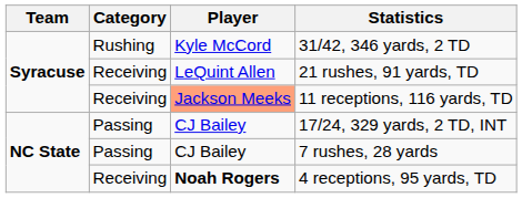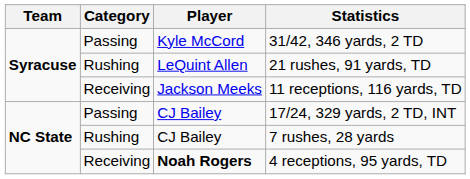 <table class="wikitable" style="float: right;">
 <tr>
 <th>Team</th>
 <th>Category</th>
 <th>Player</th>
 <th>Statistics</th>
 </tr>
 <tr>
 <td rowspan=3><strong>Syracuse</strong></td>
-<td>Rushing</td>
+<td>Passing</td>
 <td><a href='#'>Kyle McCord</a></td>
 <td>31/42, 346 yards, 2 TD</td>
 </tr>
 <tr>
-<td>Receiving</td>
+<td>Rushing</td>
 <td><a href='#'>LeQuint Allen</a></td>
 <td>21 rushes, 91 yards, TD</td>
 </tr>
 <tr>
 <td>Receiving</td>
-<td style="background: lightsalmon;"><a href='#'>Jackson Meeks</a></td>
+<td><a href='#'>Jackson Meeks</a></td>
 <td>11 receptions, 116 yards, TD</td>
 </tr>
 <tr>
 <td rowspan=3><strong>NC State</strong></td>
 <td>Passing</td>
 <td><a href='#'>CJ Bailey</a></td>
 <td>17/24, 329 yards, 2 TD, INT</td>
 </tr>
 <tr>
-<td>Passing</td>
+<td>Rushing</td>
 <td>CJ Bailey</td>
 <td>7 rushes, 28 yards</td>
 </tr>
 <tr>
 <td>Receiving</td>
 <td><strong>Noah Rogers</strong></td>
 <td>4 receptions, 95 yards, TD</td>
 </tr>
 </table>
